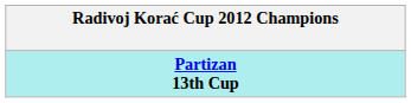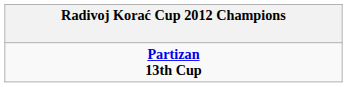 <table class="wikitable" style="margin: 0 auto; width: 30%;">
 <tr>
 <th>Radivoj Korać Cup 2012 Champions<br><br></th>
 </tr>
 <tr>
-<td align=center style="background: paleturquoise;"><strong><a href='#'>Partizan</a></strong><br><strong>13th Cup</strong></td>
+<td align=center><strong><a href='#'>Partizan</a></strong><br><strong>13th Cup</strong></td>
 </tr>
 </table>
